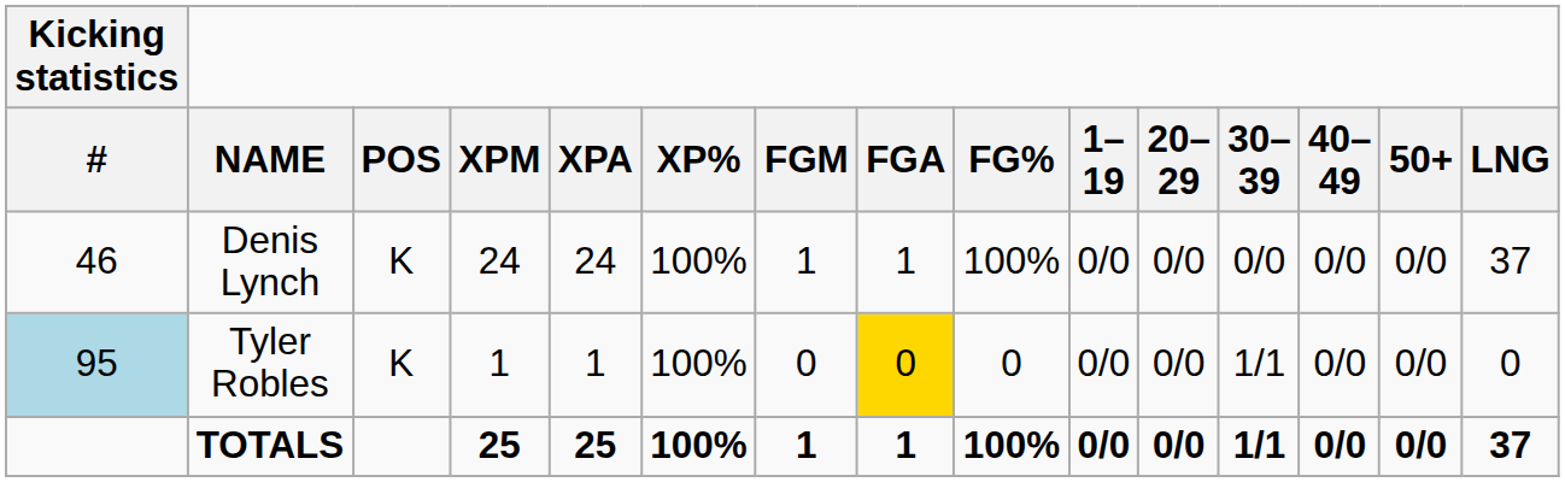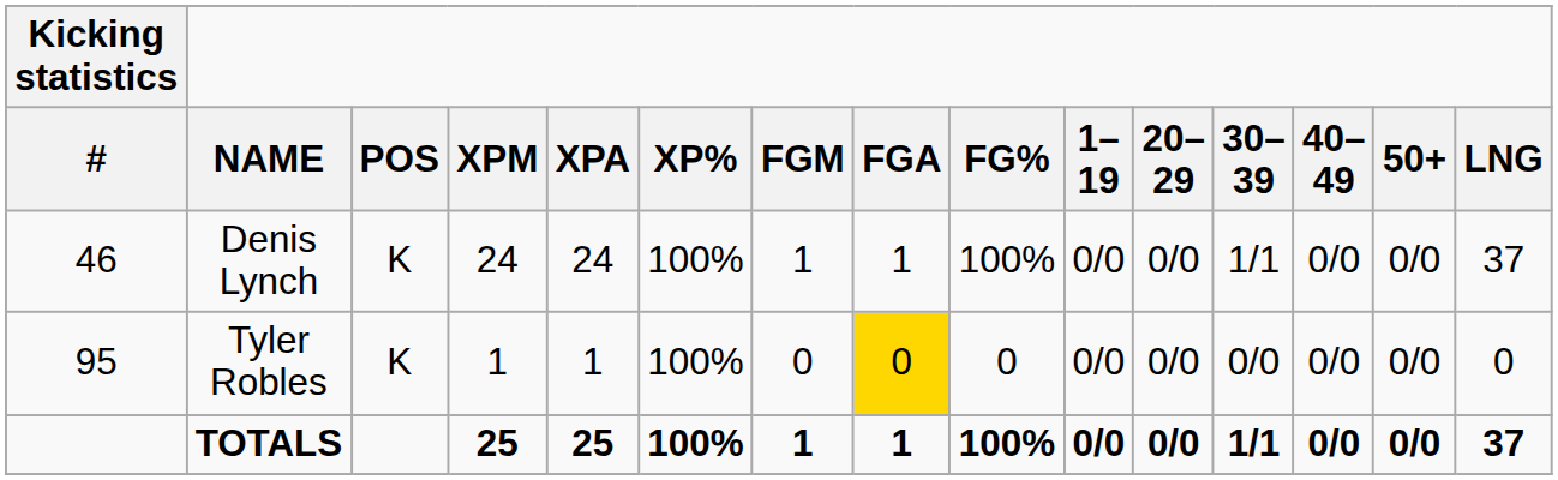 <table style="width:60%; text-align:center;" class="wikitable collapsible collapsed">
 <tr>
 <th style="text-align:center; ">Kicking statistics</th>
 </tr>
 <tr>
 <th>#</th>
 <th>NAME</th>
 <th>POS</th>
 <th>XPM</th>
 <th>XPA</th>
 <th>XP%</th>
 <th>FGM</th>
 <th>FGA</th>
 <th>FG%</th>
 <th>1–19</th>
 <th>20–29</th>
 <th>30–39</th>
 <th>40–49</th>
 <th>50+</th>
 <th>LNG</th>
 </tr>
 <tr>
 <td>46</td>
 <td>Denis Lynch</td>
 <td>K</td>
 <td>24</td>
 <td>24</td>
 <td>100%</td>
 <td>1</td>
 <td>1</td>
 <td>100%</td>
 <td>0/0</td>
 <td>0/0</td>
-<td>0/0</td>
+<td>1/1</td>
 <td>0/0</td>
 <td>0/0</td>
 <td>37</td>
 </tr>
 <tr>
-<td style="background: lightblue;">95</td>
+<td>95</td>
 <td>Tyler Robles</td>
 <td>K</td>
 <td>1</td>
 <td>1</td>
 <td>100%</td>
 <td>0</td>
 <td style="background: gold;">0</td>
 <td>0</td>
 <td>0/0</td>
 <td>0/0</td>
-<td>1/1</td>
+<td>0/0</td>
 <td>0/0</td>
 <td>0/0</td>
 <td>0</td>
 </tr>
 <tr>
 <td></td>
 <td><strong>TOTALS</strong></td>
 <td></td>
 <td><strong>25</strong></td>
 <td><strong>25</strong></td>
 <td><strong>100%</strong></td>
 <td><strong>1</strong></td>
 <td><strong>1</strong></td>
 <td><strong>100%</strong></td>
 <td><strong>0/0</strong></td>
 <td><strong>0/0</strong></td>
 <td><strong>1/1</strong></td>
 <td><strong>0/0</strong></td>
 <td><strong>0/0</strong></td>
 <td><strong>37</strong></td>
 </tr>
 </table>
